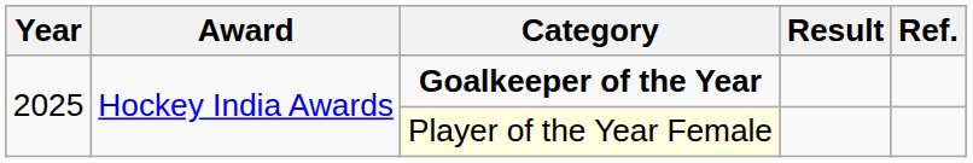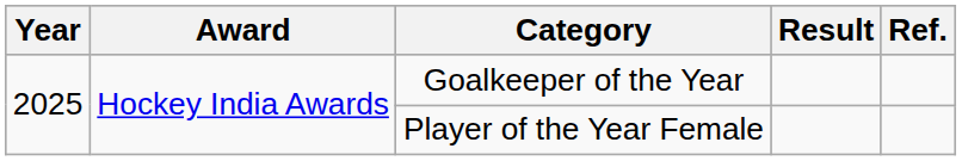 <table class="wikitable" style="text-align:center;">
 <tr>
 <th>Year</th>
 <th>Award</th>
 <th>Category</th>
 <th>Result</th>
 <th>Ref.</th>
 </tr>
 <tr>
 <td rowspan=2>2025</td>
 <td rowspan=2><a href='#'>Hockey India Awards</a></td>
-<td><strong>Goalkeeper of the Year</strong></td>
+<td>Goalkeeper of the Year</td>
 <td></td>
 <td></td>
 </tr>
 <tr>
-<td style="background: lightyellow;">Player of the Year Female</td>
+<td>Player of the Year Female</td>
 <td></td>
 <td></td>
 </tr>
 </table>
